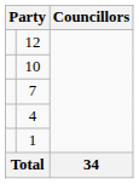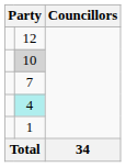 <table class="wikitable">
 <tr>
 <th colspan=2>Party</th>
 <th>Councillors</th>
 </tr>
 <tr>
 <td></td>
 <td align=center>12</td>
 </tr>
 <tr>
 <td></td>
-<td align=center>10</td>
+<td align=center style="background: lightgrey;">10</td>
 </tr>
 <tr>
 <td></td>
 <td align=center>7</td>
 </tr>
 <tr>
 <td></td>
-<td align=center>4</td>
+<td align=center style="background: paleturquoise;">4</td>
 </tr>
 <tr>
 <td></td>
 <td align=center>1</td>
 </tr>
 <tr>
 <th colspan=2>Total</th>
 <th align=center>34</th>
 </tr>
 </table>
